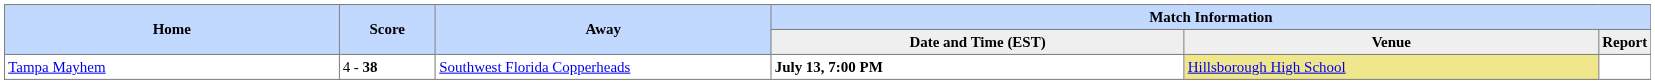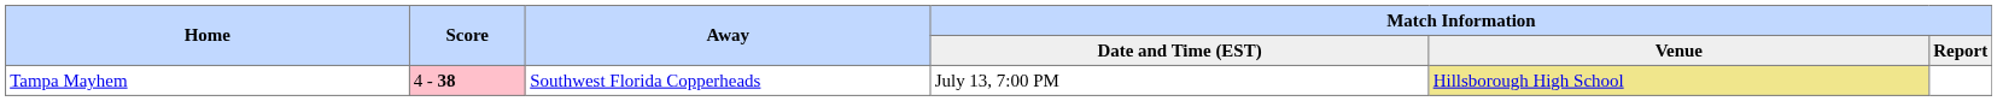 <table border="1" cellpadding="3" cellspacing="0" style="border-collapse:collapse; font-size:90%; width:100%">
 <tr style="background:#c1d8ff;">
 <th rowspan="2" style="width:21%;">Home</th>
 <th rowspan="2" style="width:6%;">Score</th>
 <th rowspan="2" style="width:21%;">Away</th>
 <th colspan="3">Match Information</th>
 </tr>
 <tr style="background:#efefef;">
 <th width="26%">Date and Time (EST)</th>
 <th width="26%">Venue</th>
 <td><strong>Report</strong></td>
 </tr>
 <tr>
 <td> <a href='#'>Tampa Mayhem</a></td>
-<td>4 - <strong>38</strong></td>
+<td style="background: pink;">4 - <strong>38</strong></td>
 <td> <a href='#'>Southwest Florida Copperheads</a></td>
-<td><strong>July 13, 7:00 PM</strong></td>
+<td>July 13, 7:00 PM</td>
 <td style="background: khaki;"><a href='#'>Hillsborough High School</a></td>
 <td></td>
 </tr>
 </table>
